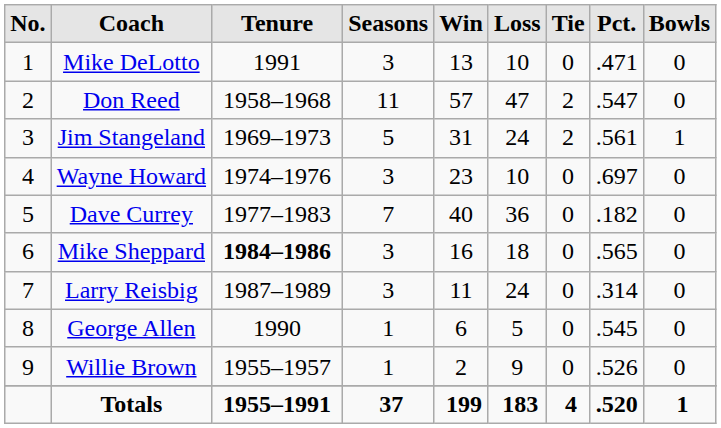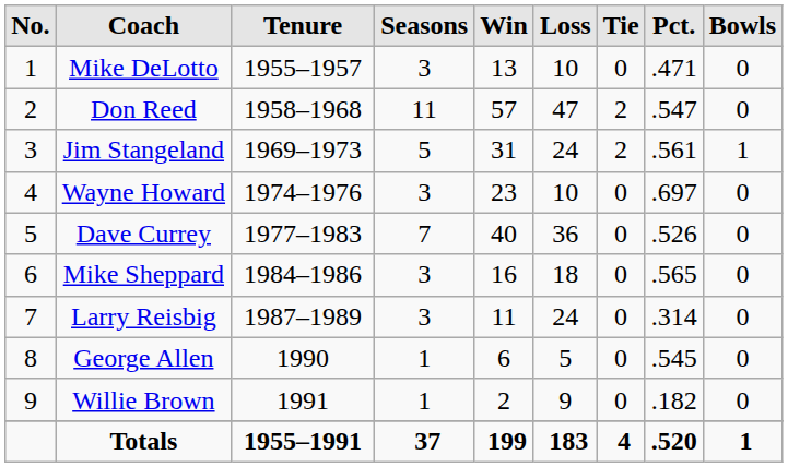 <table class="wikitable sortable" style="text-align:center;">
 <tr>
 <th style="background:#e5e5e5;">No.</th>
 <th style="background:#e5e5e5;">Coach</th>
 <th style="background:#e5e5e5;">Tenure</th>
 <th style="background:#e5e5e5;">Seasons</th>
 <th style="background:#e5e5e5;">Win</th>
 <th style="background:#e5e5e5;">Loss</th>
 <th style="background:#e5e5e5;">Tie</th>
 <th style="background:#e5e5e5;">Pct.</th>
 <th style="background:#e5e5e5;">Bowls</th>
 </tr>
 <tr>
 <td>1</td>
 <td><a href='#'>Mike DeLotto</a></td>
-<td>1991</td>
+<td>1955–1957</td>
 <td>3</td>
 <td>13</td>
 <td>10</td>
 <td>0</td>
 <td>.471</td>
 <td>0</td>
 </tr>
 <tr>
 <td>2</td>
 <td><a href='#'>Don Reed</a></td>
 <td>1958–1968</td>
 <td>11</td>
 <td>57</td>
 <td>47</td>
 <td>2</td>
 <td>.547</td>
 <td>0</td>
 </tr>
 <tr>
 <td>3</td>
 <td><a href='#'>Jim Stangeland</a></td>
 <td>1969–1973</td>
 <td>5</td>
 <td>31</td>
 <td>24</td>
 <td>2</td>
 <td>.561</td>
 <td>1</td>
 </tr>
 <tr>
 <td>4</td>
 <td><a href='#'>Wayne Howard</a></td>
 <td>1974–1976</td>
 <td>3</td>
 <td>23</td>
 <td>10</td>
 <td>0</td>
 <td>.697</td>
 <td>0</td>
 </tr>
 <tr>
 <td>5</td>
 <td><a href='#'>Dave Currey</a></td>
 <td>1977–1983</td>
 <td>7</td>
 <td>40</td>
 <td>36</td>
 <td>0</td>
-<td>.182</td>
+<td>.526</td>
 <td>0</td>
 </tr>
 <tr>
 <td>6</td>
 <td><a href='#'>Mike Sheppard</a></td>
-<td><strong>1984–1986</strong></td>
+<td>1984–1986</td>
 <td>3</td>
 <td>16</td>
 <td>18</td>
 <td>0</td>
 <td>.565</td>
 <td>0</td>
 </tr>
 <tr>
 <td>7</td>
 <td><a href='#'>Larry Reisbig</a></td>
 <td>1987–1989</td>
 <td>3</td>
 <td>11</td>
 <td>24</td>
 <td>0</td>
 <td>.314</td>
 <td>0</td>
 </tr>
 <tr>
 <td>8</td>
 <td><a href='#'>George Allen</a></td>
 <td>1990</td>
 <td>1</td>
 <td>6</td>
 <td>5</td>
 <td>0</td>
 <td>.545</td>
 <td>0</td>
 </tr>
 <tr>
 <td>9</td>
 <td><a href='#'>Willie Brown</a></td>
-<td>1955–1957</td>
+<td>1991</td>
 <td>1</td>
 <td>2</td>
 <td>9</td>
 <td>0</td>
-<td>.526</td>
+<td>.182</td>
 <td>0</td>
 </tr>
 <tr>
 </tr>
 <tr style="font-weight:bold">
 <td> </td>
 <td> Totals </td>
 <td> 1955–1991 </td>
 <td> 37</td>
 <td> 199</td>
 <td> 183</td>
 <td> 4</td>
 <td>.520</td>
 <td> 1</td>
 </tr>
 </table>
